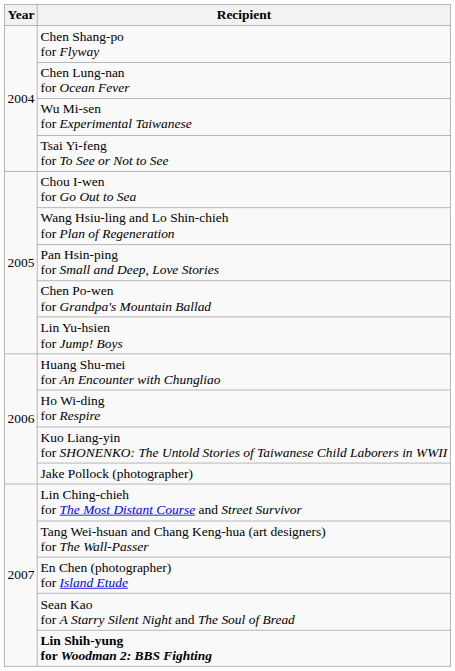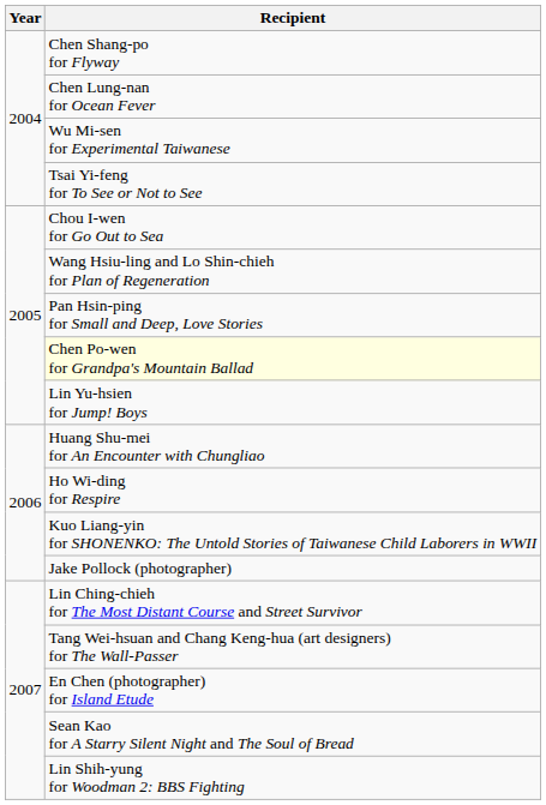 <table class="wikitable sortable">
 <tr>
 <th>Year</th>
 <th>Recipient</th>
 </tr>
 <tr>
 <td rowspan=4>2004</td>
 <td>Chen Shang-po<br> for <em>Flyway</em></td>
 </tr>
 <tr>
 <td>Chen Lung-nan<br> for <em>Ocean Fever</em></td>
 </tr>
 <tr>
 <td>Wu Mi-sen<br> for <em>Experimental Taiwanese</em></td>
 </tr>
 <tr>
 <td>Tsai Yi-feng<br> for <em>To See or Not to See</em></td>
 </tr>
 <tr>
 <td rowspan=5>2005</td>
 <td>Chou I-wen<br> for <em>Go Out to Sea</em></td>
 </tr>
 <tr>
 <td>Wang Hsiu-ling and Lo Shin-chieh<br> for <em>Plan of Regeneration</em></td>
 </tr>
 <tr>
 <td>Pan Hsin-ping<br> for <em>Small and Deep, Love Stories</em></td>
 </tr>
 <tr>
-<td>Chen Po-wen<br> for <em>Grandpa's Mountain Ballad</em></td>
+<td style="background: lightyellow;">Chen Po-wen<br> for <em>Grandpa's Mountain Ballad</em></td>
 </tr>
 <tr>
 <td>Lin Yu-hsien<br> for <em>Jump! Boys</em></td>
 </tr>
 <tr>
 <td rowspan=4>2006</td>
 <td>Huang Shu-mei<br> for <em>An Encounter with Chungliao</em></td>
 </tr>
 <tr>
 <td>Ho Wi-ding<br> for <em>Respire</em></td>
 </tr>
 <tr>
 <td>Kuo Liang-yin<br> for <em>SHONENKO: The Untold Stories of Taiwanese Child Laborers in WWII</em></td>
 </tr>
 <tr>
 <td>Jake Pollock (photographer)</td>
 </tr>
 <tr>
 <td rowspan=5>2007</td>
 <td>Lin Ching-chieh<br> for <em><a href='#'>The Most Distant Course</a></em> and <em>Street Survivor </em></td>
 </tr>
 <tr>
 <td>Tang Wei-hsuan and Chang Keng-hua (art designers)<br> for <em>The Wall-Passer</em></td>
 </tr>
 <tr>
 <td>En Chen (photographer)<br> for <em><a href='#'>Island Etude</a></em></td>
 </tr>
 <tr>
 <td>Sean Kao<br> for <em>A Starry Silent Night</em> and <em>The Soul of Bread</em></td>
 </tr>
 <tr>
-<td><strong>Lin Shih-yung<br> for <em>Woodman 2: BBS Fighting</em></strong></td>
+<td>Lin Shih-yung<br> for <em>Woodman 2: BBS Fighting</em></td>
 </tr>
 </table>
